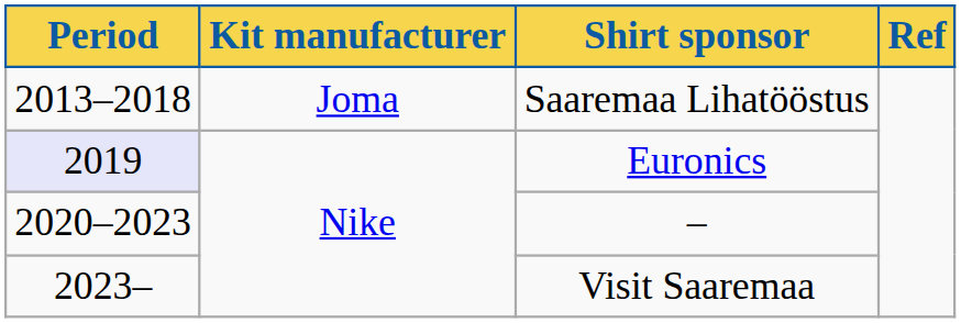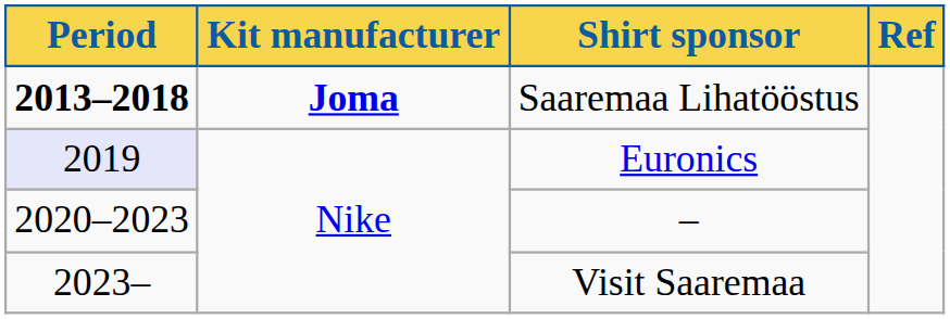 <table class="wikitable" style="text-align:center">
 <tr>
 <th style="background: #F7D64E; color:#0C5BA2; border:1px solid #0C5BA2">Period</th>
 <th style="background: #F7D64E; color:#0C5BA2; border:1px solid #0C5BA2">Kit manufacturer</th>
 <th style="background: #F7D64E; color:#0C5BA2; border:1px solid #0C5BA2">Shirt sponsor</th>
 <th style="background: #F7D64E; color:#0C5BA2; border:1px solid #0C5BA2">Ref</th>
 </tr>
 <tr>
-<td>2013–2018</td>
-<td><a href='#'>Joma</a></td>
+<td><strong>2013–2018</strong></td>
+<td><strong><a href='#'>Joma</a></strong></td>
 <td>Saaremaa Lihatööstus</td>
 <td rowspan="12"></td>
 </tr>
 <tr>
 <td style="background: lavender;">2019</td>
 <td rowspan="3"><a href='#'>Nike</a></td>
 <td><a href='#'>Euronics</a></td>
 </tr>
 <tr>
 <td>2020–2023</td>
 <td>–</td>
 </tr>
 <tr>
 <td>2023–</td>
 <td>Visit Saaremaa</td>
 </tr>
 </table>
